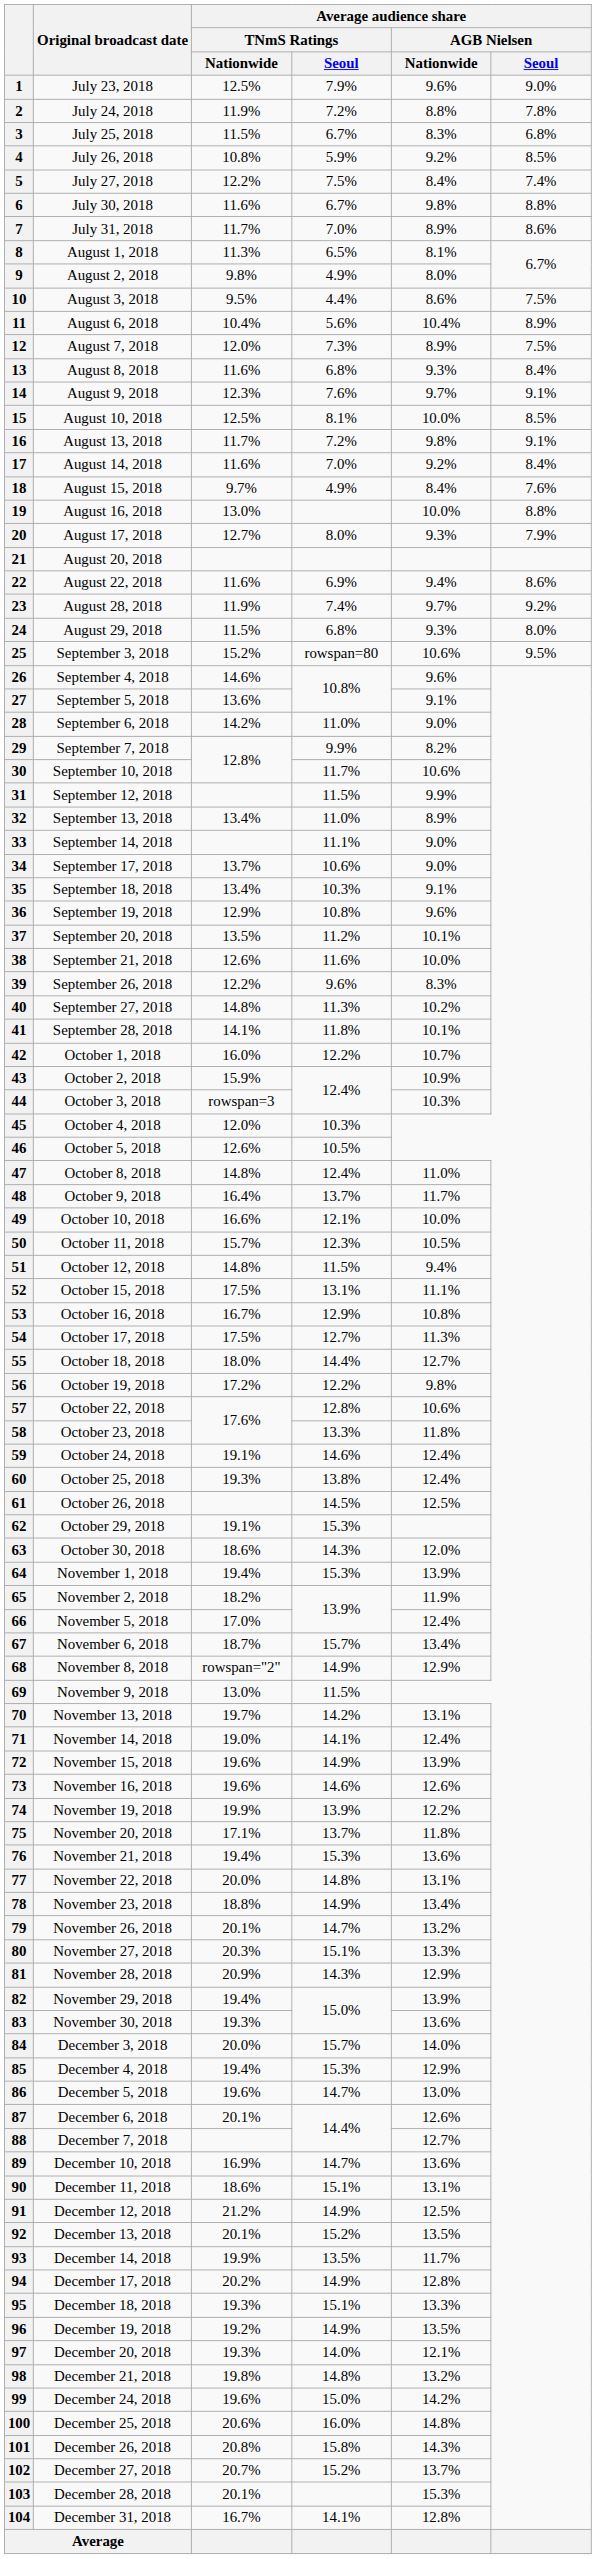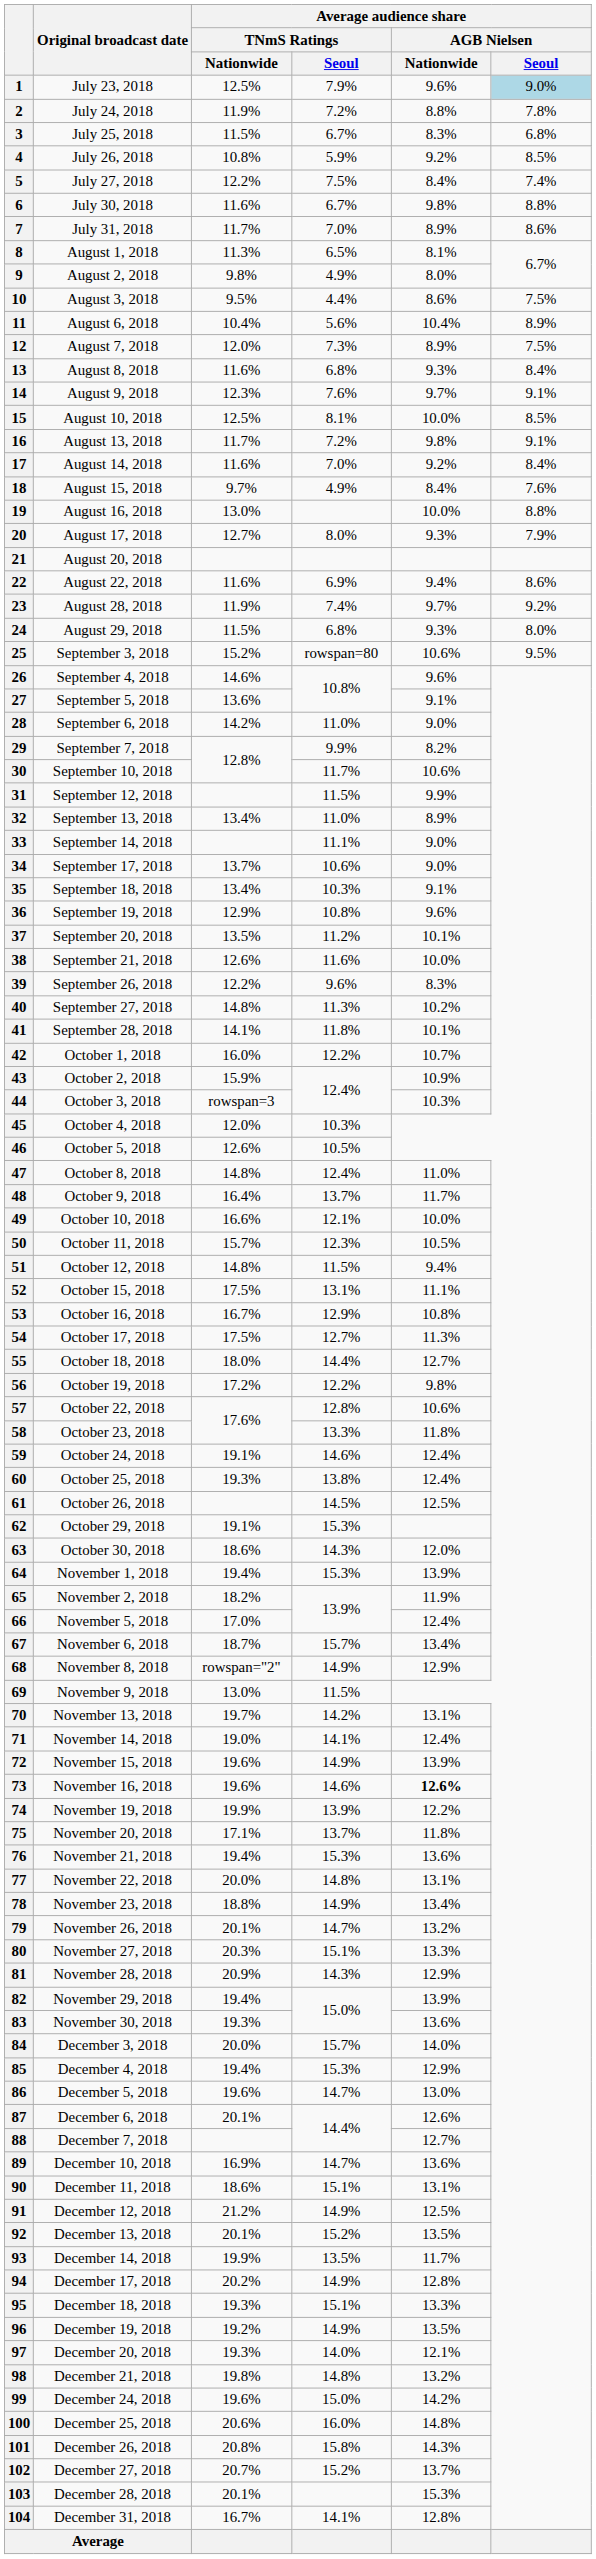 <table class="wikitable" style="text-align:center">
 <tr>
 <th rowspan="3"></th>
 <th rowspan="3">Original broadcast date</th>
 <th colspan="5">Average audience share</th>
 </tr>
 <tr>
 <th colspan="2">TNmS Ratings</th>
 <th colspan="2">AGB Nielsen</th>
 </tr>
 <tr>
 <th width=100>Nationwide</th>
 <th width=100><a href='#'>Seoul</a></th>
 <th width=100>Nationwide</th>
 <th width=100><a href='#'>Seoul</a></th>
 </tr>
 <tr>
 <th>1</th>
 <td>July 23, 2018</td>
 <td>12.5%</td>
 <td>7.9%</td>
 <td>9.6% </td>
-<td>9.0% </td>
+<td style="background: lightblue;">9.0% </td>
 </tr>
 <tr>
 <th>2</th>
 <td>July 24, 2018</td>
 <td>11.9%</td>
 <td>7.2%</td>
 <td>8.8% </td>
 <td>7.8% </td>
 </tr>
 <tr>
 <th>3</th>
 <td>July 25, 2018</td>
 <td>11.5%</td>
 <td>6.7%</td>
 <td>8.3% </td>
 <td>6.8% </td>
 </tr>
 <tr>
 <th>4</th>
 <td>July 26, 2018</td>
 <td>10.8%</td>
 <td>5.9%</td>
 <td>9.2% </td>
 <td>8.5% </td>
 </tr>
 <tr>
 <th>5</th>
 <td>July 27, 2018</td>
 <td>12.2%</td>
 <td>7.5%</td>
 <td>8.4% </td>
 <td>7.4% </td>
 </tr>
 <tr>
 <th>6</th>
 <td>July 30, 2018</td>
 <td>11.6%</td>
 <td>6.7%</td>
 <td>9.8% </td>
 <td>8.8% </td>
 </tr>
 <tr>
 <th>7</th>
 <td>July 31, 2018</td>
 <td>11.7%</td>
 <td>7.0%</td>
 <td>8.9% </td>
 <td>8.6% </td>
 </tr>
 <tr>
 <th>8</th>
 <td>August 1, 2018</td>
 <td>11.3%</td>
 <td>6.5%</td>
 <td>8.1% </td>
 <td rowspan="2">6.7% </td>
 </tr>
 <tr>
 <th>9</th>
 <td>August 2, 2018</td>
 <td>9.8%</td>
 <td>4.9%</td>
 <td>8.0% </td>
 </tr>
 <tr>
 <th>10</th>
 <td>August 3, 2018</td>
 <td>9.5%</td>
 <td>4.4%</td>
 <td>8.6% </td>
 <td>7.5% </td>
 </tr>
 <tr>
 <th>11</th>
 <td>August 6, 2018</td>
 <td>10.4%</td>
 <td>5.6%</td>
 <td>10.4% </td>
 <td>8.9% </td>
 </tr>
 <tr>
 <th>12</th>
 <td>August 7, 2018</td>
 <td>12.0%</td>
 <td>7.3%</td>
 <td>8.9% </td>
 <td>7.5% </td>
 </tr>
 <tr>
 <th>13</th>
 <td>August 8, 2018</td>
 <td>11.6%</td>
 <td>6.8%</td>
 <td>9.3% </td>
 <td>8.4% </td>
 </tr>
 <tr>
 <th>14</th>
 <td>August 9, 2018</td>
 <td>12.3%</td>
 <td>7.6%</td>
 <td>9.7% </td>
 <td>9.1% </td>
 </tr>
 <tr>
 <th>15</th>
 <td>August 10, 2018</td>
 <td>12.5%</td>
 <td>8.1%</td>
 <td>10.0% </td>
 <td>8.5% </td>
 </tr>
 <tr>
 <th>16</th>
 <td>August 13, 2018</td>
 <td>11.7%</td>
 <td>7.2%</td>
 <td>9.8% </td>
 <td>9.1% </td>
 </tr>
 <tr>
 <th>17</th>
 <td>August 14, 2018</td>
 <td>11.6%</td>
 <td>7.0%</td>
 <td>9.2% </td>
 <td>8.4% </td>
 </tr>
 <tr>
 <th>18</th>
 <td>August 15, 2018</td>
 <td>9.7%</td>
 <td>4.9%</td>
 <td>8.4% </td>
 <td>7.6% </td>
 </tr>
 <tr>
 <th>19</th>
 <td>August 16, 2018</td>
 <td>13.0%</td>
 <td></td>
 <td>10.0% </td>
 <td>8.8% </td>
 </tr>
 <tr>
 <th>20</th>
 <td>August 17, 2018</td>
 <td>12.7%</td>
 <td>8.0%</td>
 <td>9.3% </td>
 <td>7.9% </td>
 </tr>
 <tr>
 <th>21</th>
 <td>August 20, 2018</td>
 <td></td>
 <td></td>
 <td> </td>
 <td> </td>
 </tr>
 <tr>
 <th>22</th>
 <td>August 22, 2018</td>
 <td>11.6%</td>
 <td>6.9%</td>
 <td>9.4% </td>
 <td>8.6% </td>
 </tr>
 <tr>
 <th>23</th>
 <td>August 28, 2018</td>
 <td>11.9%</td>
 <td>7.4%</td>
 <td>9.7% </td>
 <td>9.2% </td>
 </tr>
 <tr>
 <th>24</th>
 <td>August 29, 2018</td>
 <td>11.5%</td>
 <td>6.8%</td>
 <td>9.3% </td>
 <td>8.0% </td>
 </tr>
 <tr>
 <th>25</th>
 <td>September 3, 2018</td>
 <td>15.2%</td>
 <td>rowspan=80 </td>
 <td>10.6% </td>
 <td>9.5% </td>
 </tr>
 <tr>
 <th>26</th>
 <td>September 4, 2018</td>
 <td>14.6%</td>
 <td rowspan="2">10.8% </td>
 <td>9.6% </td>
 </tr>
 <tr>
 <th>27</th>
 <td>September 5, 2018</td>
 <td>13.6%</td>
 <td>9.1% </td>
 </tr>
 <tr>
 <th>28</th>
 <td>September 6, 2018</td>
 <td>14.2%</td>
 <td>11.0% </td>
 <td>9.0% </td>
 </tr>
 <tr>
 <th>29</th>
 <td>September 7, 2018</td>
 <td rowspan="2">12.8%</td>
 <td>9.9% </td>
 <td>8.2% </td>
 </tr>
 <tr>
 <th>30</th>
 <td>September 10, 2018</td>
 <td>11.7% </td>
 <td>10.6% </td>
 </tr>
 <tr>
 <th>31</th>
 <td>September 12, 2018</td>
 <td></td>
 <td>11.5% </td>
 <td>9.9% </td>
 </tr>
 <tr>
 <th>32</th>
 <td>September 13, 2018</td>
 <td>13.4%</td>
 <td>11.0% </td>
 <td>8.9% </td>
 </tr>
 <tr>
 <th>33</th>
 <td>September 14, 2018</td>
 <td></td>
 <td>11.1% </td>
 <td>9.0% </td>
 </tr>
 <tr>
 <th>34</th>
 <td>September 17, 2018</td>
 <td>13.7%</td>
 <td>10.6% </td>
 <td>9.0% </td>
 </tr>
 <tr>
 <th>35</th>
 <td>September 18, 2018</td>
 <td>13.4%</td>
 <td>10.3% </td>
 <td>9.1% </td>
 </tr>
 <tr>
 <th>36</th>
 <td>September 19, 2018</td>
 <td>12.9%</td>
 <td>10.8% </td>
 <td>9.6% </td>
 </tr>
 <tr>
 <th>37</th>
 <td>September 20, 2018</td>
 <td>13.5%</td>
 <td>11.2% </td>
 <td>10.1% </td>
 </tr>
 <tr>
 <th>38</th>
 <td>September 21, 2018</td>
 <td>12.6%</td>
 <td>11.6% </td>
 <td>10.0% </td>
 </tr>
 <tr>
 <th>39</th>
 <td>September 26, 2018</td>
 <td>12.2%</td>
 <td>9.6% </td>
 <td>8.3% </td>
 </tr>
 <tr>
 <th>40</th>
 <td>September 27, 2018</td>
 <td>14.8%</td>
 <td>11.3% </td>
 <td>10.2% </td>
 </tr>
 <tr>
 <th>41</th>
 <td>September 28, 2018</td>
 <td>14.1%</td>
 <td>11.8% </td>
 <td>10.1% </td>
 </tr>
 <tr>
 <th>42</th>
 <td>October 1, 2018</td>
 <td>16.0%</td>
 <td>12.2% </td>
 <td>10.7% </td>
 </tr>
 <tr>
 <th>43</th>
 <td>October 2, 2018</td>
 <td>15.9%</td>
 <td rowspan="2">12.4% </td>
 <td>10.9% </td>
 </tr>
 <tr>
 <th>44</th>
 <td>October 3, 2018</td>
 <td>rowspan=3 </td>
 <td>10.3% </td>
 </tr>
 <tr>
 <th>45</th>
 <td>October 4, 2018</td>
 <td>12.0% </td>
 <td>10.3% </td>
 </tr>
 <tr>
 <th>46</th>
 <td>October 5, 2018</td>
 <td>12.6% </td>
 <td>10.5% </td>
 </tr>
 <tr>
 <th>47</th>
 <td>October 8, 2018</td>
 <td>14.8%</td>
 <td>12.4% </td>
 <td>11.0% </td>
 </tr>
 <tr>
 <th>48</th>
 <td>October 9, 2018</td>
 <td>16.4%</td>
 <td>13.7% </td>
 <td>11.7% </td>
 </tr>
 <tr>
 <th>49</th>
 <td>October 10, 2018</td>
 <td>16.6%</td>
 <td>12.1% </td>
 <td>10.0% </td>
 </tr>
 <tr>
 <th>50</th>
 <td>October 11, 2018</td>
 <td>15.7%</td>
 <td>12.3% </td>
 <td>10.5% </td>
 </tr>
 <tr>
 <th>51</th>
 <td>October 12, 2018</td>
 <td>14.8%</td>
 <td>11.5% </td>
 <td>9.4% </td>
 </tr>
 <tr>
 <th>52</th>
 <td>October 15, 2018</td>
 <td>17.5%</td>
 <td>13.1% </td>
 <td>11.1% </td>
 </tr>
 <tr>
 <th>53</th>
 <td>October 16, 2018</td>
 <td>16.7%</td>
 <td>12.9% </td>
 <td>10.8% </td>
 </tr>
 <tr>
 <th>54</th>
 <td>October 17, 2018</td>
 <td>17.5%</td>
 <td>12.7% </td>
 <td>11.3% </td>
 </tr>
 <tr>
 <th>55</th>
 <td>October 18, 2018</td>
 <td>18.0%</td>
 <td>14.4% </td>
 <td>12.7% </td>
 </tr>
 <tr>
 <th>56</th>
 <td>October 19, 2018</td>
 <td>17.2%</td>
 <td>12.2% </td>
 <td>9.8%  </td>
 </tr>
 <tr>
 <th>57</th>
 <td>October 22, 2018</td>
 <td rowspan=2>17.6%</td>
 <td>12.8% </td>
 <td>10.6% </td>
 </tr>
 <tr>
 <th>58</th>
 <td>October 23, 2018</td>
 <td>13.3% </td>
 <td>11.8% </td>
 </tr>
 <tr>
 <th>59</th>
 <td>October 24, 2018</td>
 <td>19.1%</td>
 <td>14.6% </td>
 <td>12.4% </td>
 </tr>
 <tr>
 <th>60</th>
 <td>October 25, 2018</td>
 <td>19.3%</td>
 <td>13.8% </td>
 <td>12.4% </td>
 </tr>
 <tr>
 <th>61</th>
 <td>October 26, 2018</td>
 <td></td>
 <td>14.5% </td>
 <td>12.5% </td>
 </tr>
 <tr>
 <th>62</th>
 <td>October 29, 2018</td>
 <td>19.1%</td>
 <td>15.3% </td>
 <td> </td>
 </tr>
 <tr>
 <th>63</th>
 <td>October 30, 2018</td>
 <td>18.6%</td>
 <td>14.3% </td>
 <td>12.0% </td>
 </tr>
 <tr>
 <th>64</th>
 <td>November 1, 2018</td>
 <td>19.4%</td>
 <td>15.3% </td>
 <td>13.9% </td>
 </tr>
 <tr>
 <th>65</th>
 <td>November 2, 2018</td>
 <td>18.2%</td>
 <td rowspan="2">13.9% </td>
 <td>11.9% </td>
 </tr>
 <tr>
 <th>66</th>
 <td>November 5, 2018</td>
 <td>17.0%</td>
 <td>12.4% </td>
 </tr>
 <tr>
 <th>67</th>
 <td>November 6, 2018</td>
 <td>18.7%</td>
 <td>15.7% </td>
 <td>13.4% </td>
 </tr>
 <tr>
 <th>68</th>
 <td>November 8, 2018</td>
 <td>rowspan="2" </td>
 <td>14.9% </td>
 <td>12.9% </td>
 </tr>
 <tr>
 <th>69</th>
 <td>November 9, 2018</td>
 <td>13.0% </td>
 <td>11.5% </td>
 </tr>
 <tr>
 <th>70</th>
 <td>November 13, 2018</td>
 <td>19.7%</td>
 <td>14.2% </td>
 <td>13.1% </td>
 </tr>
 <tr>
 <th>71</th>
 <td>November 14, 2018</td>
 <td>19.0%</td>
 <td>14.1% </td>
 <td>12.4% </td>
 </tr>
 <tr>
 <th>72</th>
 <td>November 15, 2018</td>
 <td>19.6%</td>
 <td>14.9% </td>
 <td>13.9% </td>
 </tr>
 <tr>
 <th>73</th>
 <td>November 16, 2018</td>
 <td>19.6%</td>
 <td>14.6% </td>
-<td>12.6% </td>
+<td><strong>12.6% </strong></td>
 </tr>
 <tr>
 <th>74</th>
 <td>November 19, 2018</td>
 <td>19.9%</td>
 <td>13.9% </td>
 <td>12.2% </td>
 </tr>
 <tr>
 <th>75</th>
 <td>November 20, 2018</td>
 <td>17.1%</td>
 <td>13.7% </td>
 <td>11.8% </td>
 </tr>
 <tr>
 <th>76</th>
 <td>November 21, 2018</td>
 <td>19.4%</td>
 <td>15.3% </td>
 <td>13.6% </td>
 </tr>
 <tr>
 <th>77</th>
 <td>November 22, 2018</td>
 <td>20.0%</td>
 <td>14.8% </td>
 <td>13.1% </td>
 </tr>
 <tr>
 <th>78</th>
 <td>November 23, 2018</td>
 <td>18.8%</td>
 <td>14.9% </td>
 <td>13.4% </td>
 </tr>
 <tr>
 <th>79</th>
 <td>November 26, 2018</td>
 <td>20.1%</td>
 <td>14.7% </td>
 <td>13.2% </td>
 </tr>
 <tr>
 <th>80</th>
 <td>November 27, 2018</td>
 <td>20.3%</td>
 <td>15.1% </td>
 <td>13.3% </td>
 </tr>
 <tr>
 <th>81</th>
 <td>November 28, 2018</td>
 <td>20.9%</td>
 <td>14.3% </td>
 <td>12.9% </td>
 </tr>
 <tr>
 <th>82</th>
 <td>November 29, 2018</td>
 <td>19.4%</td>
 <td rowspan="2">15.0% </td>
 <td>13.9% </td>
 </tr>
 <tr>
 <th>83</th>
 <td>November 30, 2018</td>
 <td>19.3%</td>
 <td>13.6% </td>
 </tr>
 <tr>
 <th>84</th>
 <td>December 3, 2018</td>
 <td>20.0%</td>
 <td>15.7% </td>
 <td>14.0% </td>
 </tr>
 <tr>
 <th>85</th>
 <td>December 4, 2018</td>
 <td>19.4%</td>
 <td>15.3% </td>
 <td>12.9% </td>
 </tr>
 <tr>
 <th>86</th>
 <td>December 5, 2018</td>
 <td>19.6%</td>
 <td>14.7% </td>
 <td>13.0% </td>
 </tr>
 <tr>
 <th>87</th>
 <td>December 6, 2018</td>
 <td>20.1%</td>
 <td rowspan="2">14.4% </td>
 <td>12.6% </td>
 </tr>
 <tr>
 <th>88</th>
 <td>December 7, 2018</td>
 <td></td>
 <td>12.7% </td>
 </tr>
 <tr>
 <th>89</th>
 <td>December 10, 2018</td>
 <td>16.9%</td>
 <td>14.7% </td>
 <td>13.6% </td>
 </tr>
 <tr>
 <th>90</th>
 <td>December 11, 2018</td>
 <td>18.6%</td>
 <td>15.1% </td>
 <td>13.1% </td>
 </tr>
 <tr>
 <th>91</th>
 <td>December 12, 2018</td>
 <td>21.2%</td>
 <td>14.9% </td>
 <td>12.5% </td>
 </tr>
 <tr>
 <th>92</th>
 <td>December 13, 2018</td>
 <td>20.1%</td>
 <td>15.2% </td>
 <td>13.5% </td>
 </tr>
 <tr>
 <th>93</th>
 <td>December 14, 2018</td>
 <td>19.9%</td>
 <td>13.5% </td>
 <td>11.7% </td>
 </tr>
 <tr>
 <th>94</th>
 <td>December 17, 2018</td>
 <td>20.2%</td>
 <td>14.9% </td>
 <td>12.8% </td>
 </tr>
 <tr>
 <th>95</th>
 <td>December 18, 2018</td>
 <td>19.3%</td>
 <td>15.1% </td>
 <td>13.3% </td>
 </tr>
 <tr>
 <th>96</th>
 <td>December 19, 2018</td>
 <td>19.2%</td>
 <td>14.9% </td>
 <td>13.5% </td>
 </tr>
 <tr>
 <th>97</th>
 <td>December 20, 2018</td>
 <td>19.3%</td>
 <td>14.0% </td>
 <td>12.1% </td>
 </tr>
 <tr>
 <th>98</th>
 <td>December 21, 2018</td>
 <td>19.8%</td>
 <td>14.8% </td>
 <td>13.2% </td>
 </tr>
 <tr>
 <th>99</th>
 <td>December 24, 2018</td>
 <td>19.6%</td>
 <td>15.0% </td>
 <td>14.2% </td>
 </tr>
 <tr>
 <th>100</th>
 <td>December 25, 2018</td>
 <td>20.6%</td>
 <td>16.0% </td>
 <td>14.8% </td>
 </tr>
 <tr>
 <th>101</th>
 <td>December 26, 2018</td>
 <td>20.8%</td>
 <td>15.8% </td>
 <td>14.3% </td>
 </tr>
 <tr>
 <th>102</th>
 <td>December 27, 2018</td>
 <td>20.7%</td>
 <td>15.2% </td>
 <td>13.7% </td>
 </tr>
 <tr>
 <th>103</th>
 <td>December 28, 2018</td>
 <td>20.1%</td>
 <td> </td>
 <td>15.3% </td>
 </tr>
 <tr>
 <th>104</th>
 <td>December 31, 2018</td>
 <td>16.7%</td>
 <td>14.1% </td>
 <td>12.8% </td>
 </tr>
 <tr>
 <th colspan="2">Average</th>
 <th></th>
 <th></th>
 <th></th>
 <th></th>
 </tr>
 </table>
